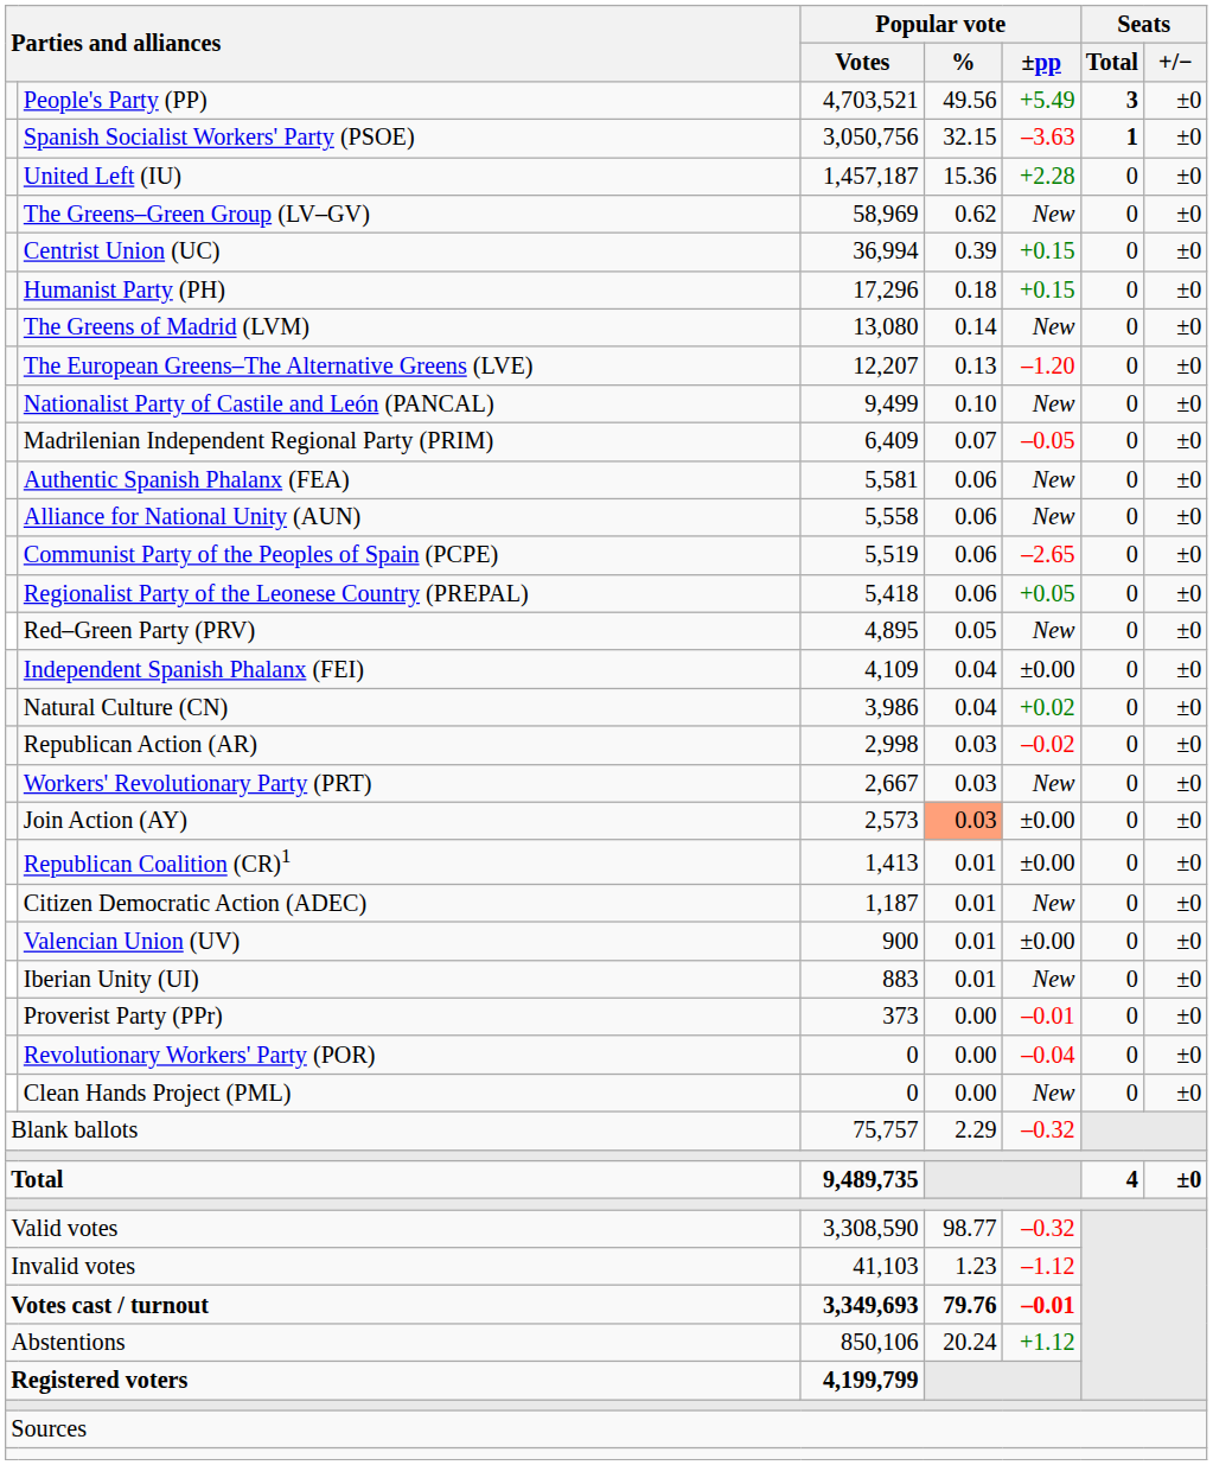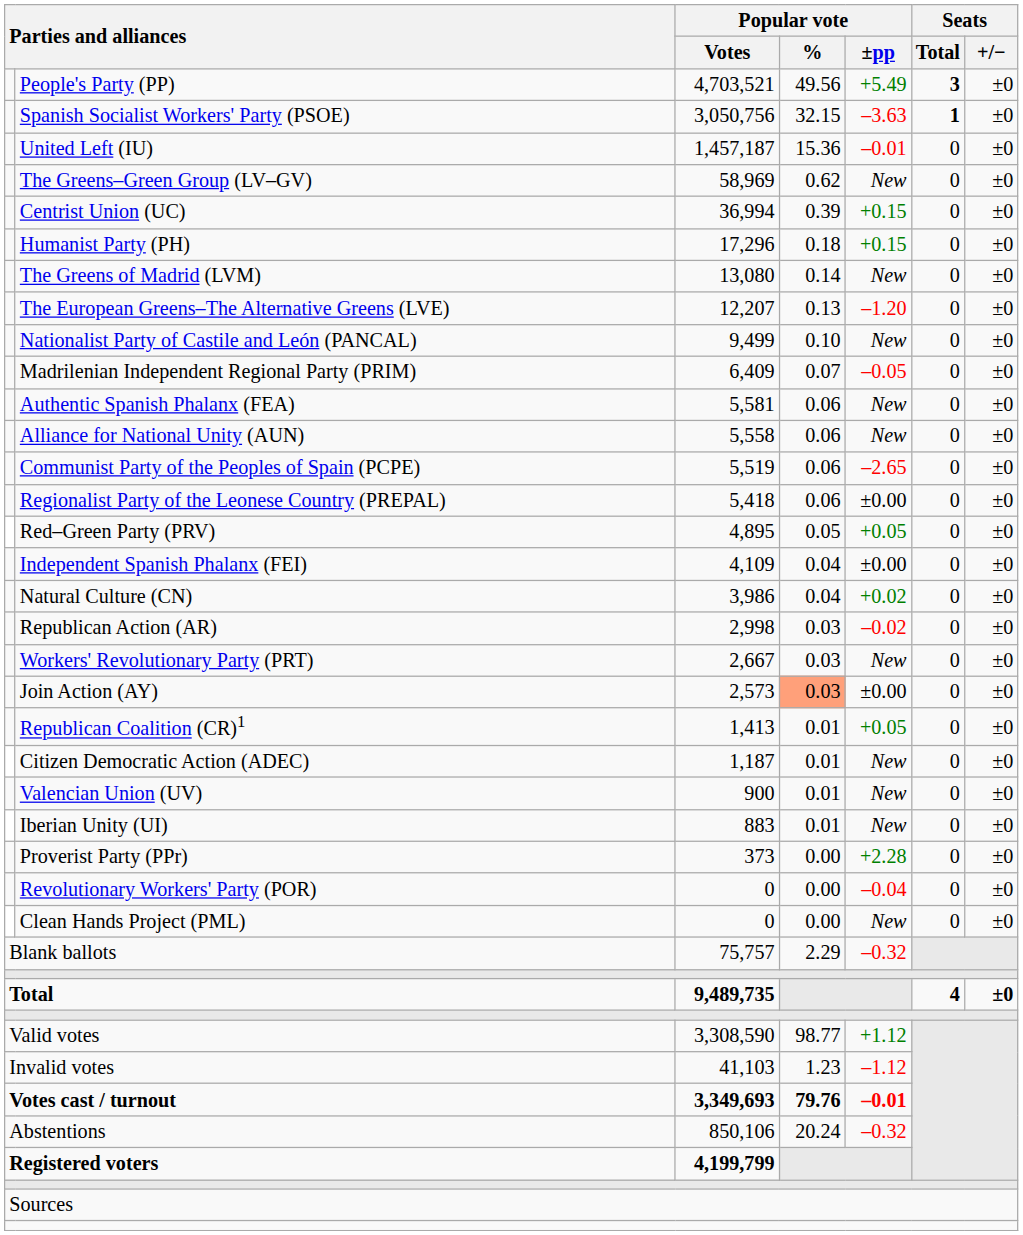 <table class="wikitable" style="text-align:right;">
 <tr>
 <th style="text-align:left;" rowspan="2" colspan="2" width="525">Parties and alliances</th>
 <th colspan="3">Popular vote</th>
 <th colspan="2">Seats</th>
 </tr>
 <tr>
 <th width="75">Votes</th>
 <th width="45">%</th>
 <th width="45">±<a href='#'>pp</a></th>
 <th width="35">Total</th>
 <th width="35">+/−</th>
 </tr>
 <tr>
 <td width="1" style="color:inherit;background:"></td>
 <td align="left"><a href='#'>People's Party</a> (PP)</td>
 <td>4,703,521</td>
 <td>49.56</td>
 <td style="color:green;">+5.49</td>
 <td><strong>3</strong></td>
 <td>±0</td>
 </tr>
 <tr>
 <td style="color:inherit;background:"></td>
 <td align="left"><a href='#'>Spanish Socialist Workers' Party</a> (PSOE)</td>
 <td>3,050,756</td>
 <td>32.15</td>
 <td style="color:red;">–3.63</td>
 <td><strong>1</strong></td>
 <td>±0</td>
 </tr>
 <tr>
 <td style="color:inherit;background:"></td>
 <td align="left"><a href='#'>United Left</a> (IU)</td>
 <td>1,457,187</td>
 <td>15.36</td>
-<td style="color:green;">+2.28</td>
+<td style="color:red;">–0.01</td>
 <td>0</td>
 <td>±0</td>
 </tr>
 <tr>
 <td style="color:inherit;background:"></td>
 <td align="left"><a href='#'>The Greens–Green Group</a> (LV–GV)</td>
 <td>58,969</td>
 <td>0.62</td>
 <td><em>New</em></td>
 <td>0</td>
 <td>±0</td>
 </tr>
 <tr>
 <td style="color:inherit;background:"></td>
 <td align="left"><a href='#'>Centrist Union</a> (UC)</td>
 <td>36,994</td>
 <td>0.39</td>
 <td style="color:green;">+0.15</td>
 <td>0</td>
 <td>±0</td>
 </tr>
 <tr>
 <td style="color:inherit;background:"></td>
 <td align="left"><a href='#'>Humanist Party</a> (PH)</td>
 <td>17,296</td>
 <td>0.18</td>
 <td style="color:green;">+0.15</td>
 <td>0</td>
 <td>±0</td>
 </tr>
 <tr>
 <td style="color:inherit;background:"></td>
 <td align="left"><a href='#'>The Greens of Madrid</a> (LVM)</td>
 <td>13,080</td>
 <td>0.14</td>
 <td><em>New</em></td>
 <td>0</td>
 <td>±0</td>
 </tr>
 <tr>
 <td style="color:inherit;background:"></td>
 <td align="left"><a href='#'>The European Greens–The Alternative Greens</a> (LVE)</td>
 <td>12,207</td>
 <td>0.13</td>
 <td style="color:red;">–1.20</td>
 <td>0</td>
 <td>±0</td>
 </tr>
 <tr>
 <td style="color:inherit;background:"></td>
 <td align="left"><a href='#'>Nationalist Party of Castile and León</a> (PANCAL)</td>
 <td>9,499</td>
 <td>0.10</td>
 <td><em>New</em></td>
 <td>0</td>
 <td>±0</td>
 </tr>
 <tr>
 <td style="color:inherit;background:"></td>
 <td align="left">Madrilenian Independent Regional Party (PRIM)</td>
 <td>6,409</td>
 <td>0.07</td>
 <td style="color:red;">–0.05</td>
 <td>0</td>
 <td>±0</td>
 </tr>
 <tr>
 <td style="color:inherit;background:"></td>
 <td align="left"><a href='#'>Authentic Spanish Phalanx</a> (FEA)</td>
 <td>5,581</td>
 <td>0.06</td>
 <td><em>New</em></td>
 <td>0</td>
 <td>±0</td>
 </tr>
 <tr>
 <td style="color:inherit;background:"></td>
 <td align="left"><a href='#'>Alliance for National Unity</a> (AUN)</td>
 <td>5,558</td>
 <td>0.06</td>
 <td><em>New</em></td>
 <td>0</td>
 <td>±0</td>
 </tr>
 <tr>
 <td style="color:inherit;background:"></td>
 <td align="left"><a href='#'>Communist Party of the Peoples of Spain</a> (PCPE)</td>
 <td>5,519</td>
 <td>0.06</td>
 <td style="color:red;">–2.65</td>
 <td>0</td>
 <td>±0</td>
 </tr>
 <tr>
 <td style="color:inherit;background:"></td>
 <td align="left"><a href='#'>Regionalist Party of the Leonese Country</a> (PREPAL)</td>
 <td>5,418</td>
 <td>0.06</td>
-<td style="color:green;">+0.05</td>
+<td>±0.00</td>
 <td>0</td>
 <td>±0</td>
 </tr>
 <tr>
 <td bgcolor="white"></td>
 <td align="left">Red–Green Party (PRV)</td>
 <td>4,895</td>
 <td>0.05</td>
-<td><em>New</em></td>
+<td style="color:green;">+0.05</td>
 <td>0</td>
 <td>±0</td>
 </tr>
 <tr>
 <td style="color:inherit;background:"></td>
 <td align="left"><a href='#'>Independent Spanish Phalanx</a> (FEI)</td>
 <td>4,109</td>
 <td>0.04</td>
 <td>±0.00</td>
 <td>0</td>
 <td>±0</td>
 </tr>
 <tr>
 <td style="color:inherit;background:"></td>
 <td align="left">Natural Culture (CN)</td>
 <td>3,986</td>
 <td>0.04</td>
 <td style="color:green;">+0.02</td>
 <td>0</td>
 <td>±0</td>
 </tr>
 <tr>
 <td style="color:inherit;background:"></td>
 <td align="left">Republican Action (AR)</td>
 <td>2,998</td>
 <td>0.03</td>
 <td style="color:red;">–0.02</td>
 <td>0</td>
 <td>±0</td>
 </tr>
 <tr>
 <td style="color:inherit;background:"></td>
 <td align="left"><a href='#'>Workers' Revolutionary Party</a> (PRT)</td>
 <td>2,667</td>
 <td>0.03</td>
 <td><em>New</em></td>
 <td>0</td>
 <td>±0</td>
 </tr>
 <tr>
 <td style="color:inherit;background:"></td>
 <td align="left">Join Action (AY)</td>
 <td>2,573</td>
 <td style="background: lightsalmon;">0.03</td>
 <td>±0.00</td>
 <td>0</td>
 <td>±0</td>
 </tr>
 <tr>
 <td style="color:inherit;background:"></td>
 <td align="left"><a href='#'>Republican Coalition</a> (CR)<sup>1</sup></td>
 <td>1,413</td>
 <td>0.01</td>
-<td>±0.00</td>
+<td style="color:green;">+0.05</td>
 <td>0</td>
 <td>±0</td>
 </tr>
 <tr>
 <td bgcolor="white"></td>
 <td align="left">Citizen Democratic Action (ADEC)</td>
 <td>1,187</td>
 <td>0.01</td>
 <td><em>New</em></td>
 <td>0</td>
 <td>±0</td>
 </tr>
 <tr>
 <td style="color:inherit;background:"></td>
 <td align="left"><a href='#'>Valencian Union</a> (UV)</td>
 <td>900</td>
 <td>0.01</td>
-<td>±0.00</td>
+<td><em>New</em></td>
 <td>0</td>
 <td>±0</td>
 </tr>
 <tr>
 <td bgcolor="white"></td>
 <td align="left">Iberian Unity (UI)</td>
 <td>883</td>
 <td>0.01</td>
 <td><em>New</em></td>
 <td>0</td>
 <td>±0</td>
 </tr>
 <tr>
 <td style="color:inherit;background:"></td>
 <td align="left">Proverist Party (PPr)</td>
 <td>373</td>
 <td>0.00</td>
-<td style="color:red;">–0.01</td>
+<td style="color:green;">+2.28</td>
 <td>0</td>
 <td>±0</td>
 </tr>
 <tr>
 <td style="color:inherit;background:"></td>
 <td align="left"><a href='#'>Revolutionary Workers' Party</a> (POR)</td>
 <td>0</td>
 <td>0.00</td>
 <td style="color:red;">–0.04</td>
 <td>0</td>
 <td>±0</td>
 </tr>
 <tr>
 <td bgcolor="white"></td>
 <td align="left">Clean Hands Project (PML)</td>
 <td>0</td>
 <td>0.00</td>
 <td><em>New</em></td>
 <td>0</td>
 <td>±0</td>
 </tr>
 <tr>
 <td align="left" colspan="2">Blank ballots</td>
 <td>75,757</td>
 <td>2.29</td>
 <td style="color:red;">–0.32</td>
 <td bgcolor="#E9E9E9" colspan="2"></td>
 </tr>
 <tr>
 <td colspan="7" bgcolor="#E9E9E9"></td>
 </tr>
 <tr style="font-weight:bold;">
 <td align="left" colspan="2">Total</td>
 <td>9,489,735</td>
 <td bgcolor="#E9E9E9" colspan="2"></td>
 <td>4</td>
 <td>±0</td>
 </tr>
 <tr>
 <td colspan="7" bgcolor="#E9E9E9"></td>
 </tr>
 <tr>
 <td align="left" colspan="2">Valid votes</td>
 <td>3,308,590</td>
 <td>98.77</td>
-<td style="color:red;">–0.32</td>
+<td style="color:green;">+1.12</td>
 <td bgcolor="#E9E9E9" colspan="2" rowspan="5"></td>
 </tr>
 <tr>
 <td align="left" colspan="2">Invalid votes</td>
 <td>41,103</td>
 <td>1.23</td>
 <td style="color:red;">–1.12</td>
 </tr>
 <tr style="font-weight:bold;">
 <td align="left" colspan="2">Votes cast / turnout</td>
 <td>3,349,693</td>
 <td>79.76</td>
 <td style="color:red;">–0.01</td>
 </tr>
 <tr>
 <td align="left" colspan="2">Abstentions</td>
 <td>850,106</td>
 <td>20.24</td>
-<td style="color:green;">+1.12</td>
+<td style="color:red;">–0.32</td>
 </tr>
 <tr style="font-weight:bold;">
 <td align="left" colspan="2">Registered voters</td>
 <td>4,199,799</td>
 <td bgcolor="#E9E9E9" colspan="2"></td>
 </tr>
 <tr>
 <td colspan="7" bgcolor="#E9E9E9"></td>
 </tr>
 <tr>
 <td align="left" colspan="7">Sources</td>
 </tr>
 <tr>
 <td colspan="7" style="text-align:left; max-width:790px;"></td>
 </tr>
 </table>
